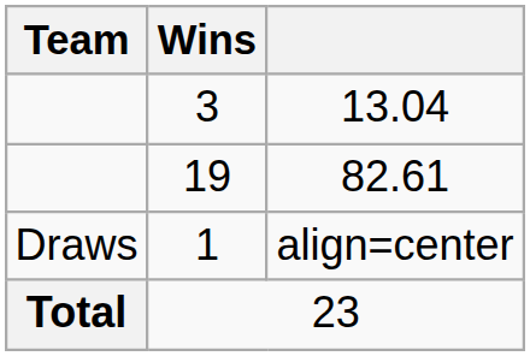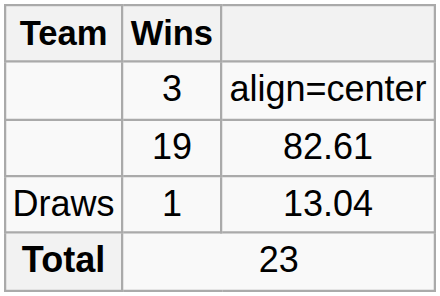 <table class="wikitable" style="float: right">
 <tr style="font-size: 96%;">
 <th>Team</th>
 <th width=35px>Wins</th>
 <th width=35px></th>
 </tr>
 <tr>
 <td></td>
 <td align=center>3</td>
-<td align=center>13.04</td>
+<td>align=center </td>
 </tr>
 <tr>
 <td></td>
 <td align=center>19</td>
 <td align=center>82.61</td>
 </tr>
 <tr>
 <td>Draws</td>
 <td align=center>1</td>
-<td>align=center </td>
+<td align=center>13.04</td>
 </tr>
 <tr>
 <th>Total</th>
 <td align=center colspan=2>23</td>
 </tr>
 </table>
